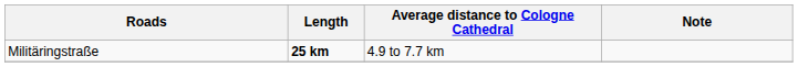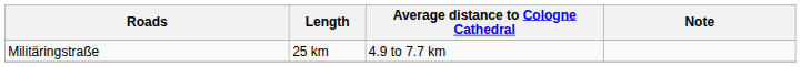 <table class="wikitable" width=950>
 <tr>
 <th width="300px">Roads</th>
 <th width="75px">Length</th>
 <th width="250px">Average distance to <a href='#'>Cologne Cathedral</a></th>
 <th width="200px">Note</th>
 </tr>
 <tr>
 <td>Militäringstraße</td>
-<td><strong>25 km</strong></td>
+<td>25 km</td>
 <td>4.9 to 7.7 km</td>
 <td></td>
 </tr>
 <tr>
 </tr>
 </table>
